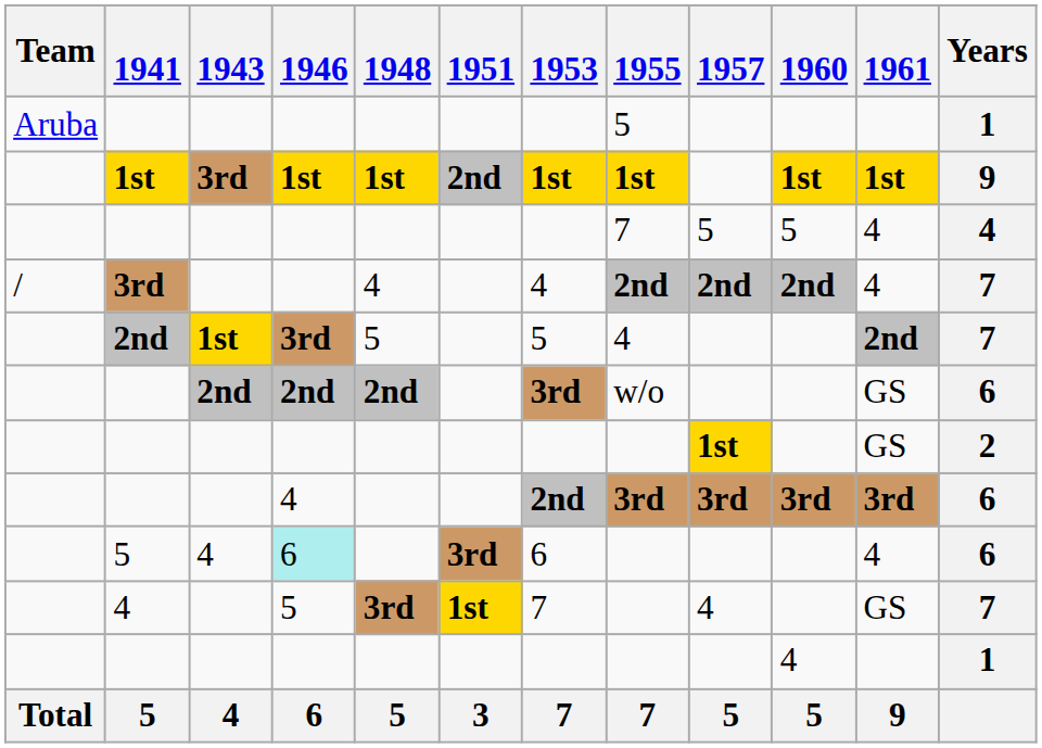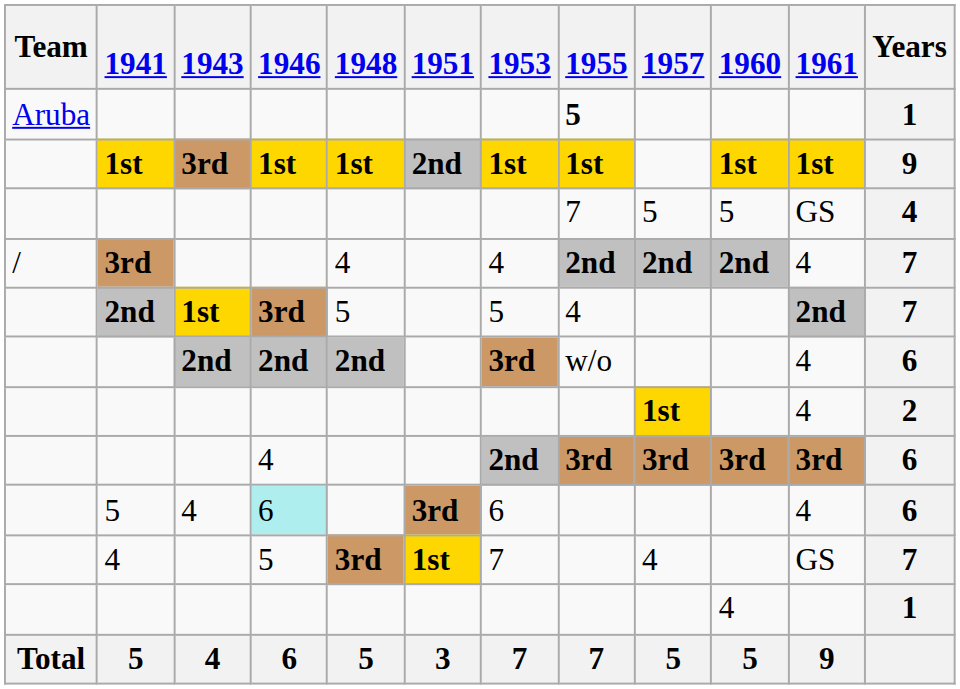 <table class="wikitable">
 <tr>
 <th>Team</th>
 <th><br><a href='#'>1941</a></th>
 <th><br><a href='#'>1943</a></th>
 <th><br><a href='#'>1946</a></th>
 <th><br><a href='#'>1948</a></th>
 <th><br><a href='#'>1951</a></th>
 <th><br><a href='#'>1953</a></th>
 <th><br><a href='#'>1955</a></th>
 <th><br><a href='#'>1957</a></th>
 <th><br><a href='#'>1960</a></th>
 <th><br><a href='#'>1961</a></th>
 <th>Years</th>
 </tr>
 <tr>
 <td> <a href='#'>Aruba</a></td>
 <td></td>
 <td></td>
 <td></td>
 <td></td>
 <td></td>
 <td></td>
-<td>5</td>
+<td><strong>5</strong></td>
 <td></td>
 <td></td>
 <td></td>
 <th>1</th>
 </tr>
 <tr>
 <td></td>
 <td style="background:gold"><strong>1st</strong></td>
 <td style="background:#c96"><strong>3rd</strong></td>
 <td style="background:gold"><strong>1st</strong></td>
 <td style="background:gold"><strong>1st</strong></td>
 <td style="background:silver"><strong>2nd</strong></td>
 <td style="background:gold"><strong>1st</strong></td>
 <td style="background:gold"><strong>1st</strong></td>
 <td></td>
 <td style="background:gold"><strong>1st</strong></td>
 <td style="background:gold"><strong>1st</strong></td>
 <th>9</th>
 </tr>
 <tr>
 <td></td>
 <td></td>
 <td></td>
 <td></td>
 <td></td>
 <td></td>
 <td></td>
 <td>7</td>
 <td>5</td>
 <td>5</td>
-<td>4</td>
+<td>GS</td>
 <th>4</th>
 </tr>
 <tr>
 <td>/</td>
 <td style="background:#c96"><strong>3rd</strong></td>
 <td></td>
 <td></td>
 <td>4</td>
 <td></td>
 <td>4</td>
 <td style="background:silver"><strong>2nd</strong></td>
 <td style="background:silver"><strong>2nd</strong></td>
 <td style="background:silver"><strong>2nd</strong></td>
 <td>4</td>
 <th>7</th>
 </tr>
 <tr>
 <td></td>
 <td style="background:silver"><strong>2nd</strong></td>
 <td style="background:gold"><strong>1st</strong></td>
 <td style="background:#c96"><strong>3rd</strong></td>
 <td>5</td>
 <td></td>
 <td>5</td>
 <td>4</td>
 <td></td>
 <td></td>
 <td style="background:silver"><strong>2nd</strong></td>
 <th>7</th>
 </tr>
 <tr>
 <td></td>
 <td></td>
 <td style="background:silver"><strong>2nd</strong></td>
 <td style="background:silver"><strong>2nd</strong></td>
 <td style="background:silver"><strong>2nd</strong></td>
 <td></td>
 <td style="background:#c96"><strong>3rd</strong></td>
 <td>w/o</td>
 <td></td>
 <td></td>
-<td>GS</td>
+<td>4</td>
 <th>6</th>
 </tr>
 <tr>
 <td></td>
 <td></td>
 <td></td>
 <td></td>
 <td></td>
 <td></td>
 <td></td>
 <td></td>
 <td style="background:gold"><strong>1st</strong></td>
 <td></td>
-<td>GS</td>
+<td>4</td>
 <th>2</th>
 </tr>
 <tr>
 <td></td>
 <td></td>
 <td></td>
 <td>4</td>
 <td></td>
 <td></td>
 <td style="background:silver"><strong>2nd</strong></td>
 <td style="background:#c96"><strong>3rd</strong></td>
 <td style="background:#c96"><strong>3rd</strong></td>
 <td style="background:#c96"><strong>3rd</strong></td>
 <td style="background:#c96"><strong>3rd</strong></td>
 <th>6</th>
 </tr>
 <tr>
 <td></td>
 <td>5</td>
 <td>4</td>
 <td style="background: paleturquoise;">6</td>
 <td></td>
 <td style="background:#c96"><strong>3rd</strong></td>
 <td>6</td>
 <td></td>
 <td></td>
 <td></td>
 <td>4</td>
 <th>6</th>
 </tr>
 <tr>
 <td></td>
 <td>4</td>
 <td></td>
 <td>5</td>
 <td style="background:#c96"><strong>3rd</strong></td>
 <td style="background:gold"><strong>1st</strong></td>
 <td>7</td>
 <td></td>
 <td>4</td>
 <td></td>
 <td>GS</td>
 <th>7</th>
 </tr>
 <tr>
 <td></td>
 <td></td>
 <td></td>
 <td></td>
 <td></td>
 <td></td>
 <td></td>
 <td></td>
 <td></td>
 <td>4</td>
 <td></td>
 <th>1</th>
 </tr>
 <tr>
 <th>Total</th>
 <th>5</th>
 <th>4</th>
 <th>6</th>
 <th>5</th>
 <th>3</th>
 <th>7</th>
 <th>7</th>
 <th>5</th>
 <th>5</th>
 <th>9</th>
 <th></th>
 </tr>
 </table>
